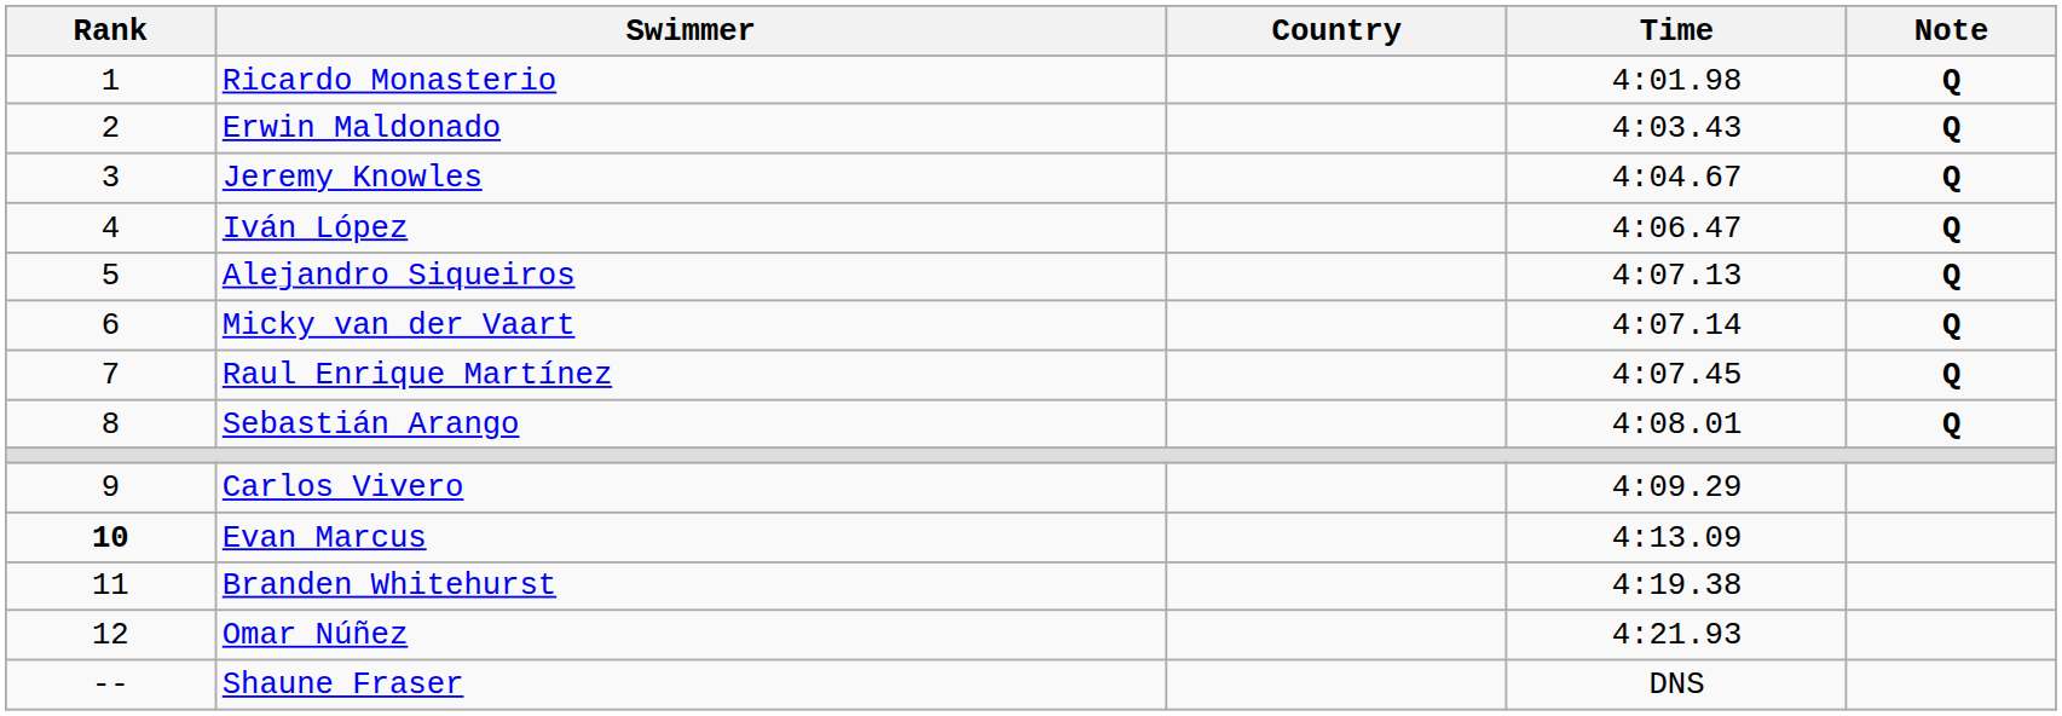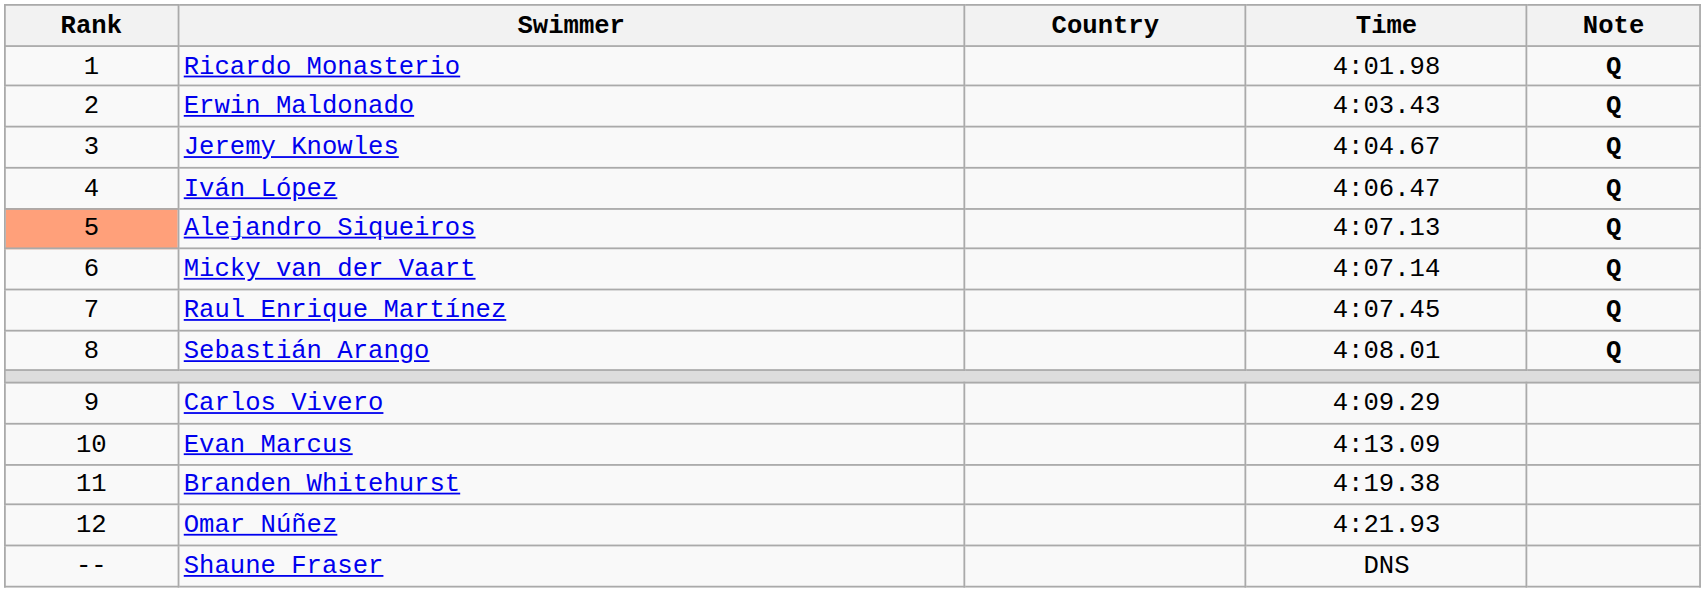 <table class="wikitable" style=" text-align:center; font-size:110%;" width="75%">
 <tr>
 <th>Rank</th>
 <th>Swimmer</th>
 <th>Country</th>
 <th>Time</th>
 <th>Note</th>
 </tr>
 <tr>
 <td>1</td>
 <td align=left><a href='#'>Ricardo Monasterio</a></td>
 <td align=left></td>
 <td>4:01.98</td>
 <td><strong>Q</strong></td>
 </tr>
 <tr>
 <td>2</td>
 <td align=left><a href='#'>Erwin Maldonado</a></td>
 <td align=left></td>
 <td>4:03.43</td>
 <td><strong>Q</strong></td>
 </tr>
 <tr>
 <td>3</td>
 <td align=left><a href='#'>Jeremy Knowles</a></td>
 <td align=left></td>
 <td>4:04.67</td>
 <td><strong>Q</strong></td>
 </tr>
 <tr>
 <td>4</td>
 <td align=left><a href='#'>Iván López</a></td>
 <td align=left></td>
 <td>4:06.47</td>
 <td><strong>Q</strong></td>
 </tr>
 <tr>
-<td>5</td>
+<td style="background: lightsalmon;">5</td>
 <td align=left><a href='#'>Alejandro Siqueiros</a></td>
 <td align=left></td>
 <td>4:07.13</td>
 <td><strong>Q</strong></td>
 </tr>
 <tr>
 <td>6</td>
 <td align=left><a href='#'>Micky van der Vaart</a></td>
 <td align=left></td>
 <td>4:07.14</td>
 <td><strong>Q</strong></td>
 </tr>
 <tr>
 <td>7</td>
 <td align=left><a href='#'>Raul Enrique Martínez</a></td>
 <td align=left></td>
 <td>4:07.45</td>
 <td><strong>Q</strong></td>
 </tr>
 <tr>
 <td>8</td>
 <td align=left><a href='#'>Sebastián Arango</a></td>
 <td align=left></td>
 <td>4:08.01</td>
 <td><strong>Q</strong></td>
 </tr>
 <tr bgcolor=#DDDDDD>
 <td colspan=5></td>
 </tr>
 <tr>
 <td>9</td>
 <td align=left><a href='#'>Carlos Vivero</a></td>
 <td align=left></td>
 <td>4:09.29</td>
 <td></td>
 </tr>
 <tr>
-<td><strong>10</strong></td>
+<td>10</td>
 <td align=left><a href='#'>Evan Marcus</a></td>
 <td align=left></td>
 <td>4:13.09</td>
 <td></td>
 </tr>
 <tr>
 <td>11</td>
 <td align=left><a href='#'>Branden Whitehurst</a></td>
 <td align=left></td>
 <td>4:19.38</td>
 <td></td>
 </tr>
 <tr>
 <td>12</td>
 <td align=left><a href='#'>Omar Núñez</a></td>
 <td align=left></td>
 <td>4:21.93</td>
 <td></td>
 </tr>
 <tr>
 <td>--</td>
 <td align=left><a href='#'>Shaune Fraser</a></td>
 <td align=left></td>
 <td>DNS</td>
 <td></td>
 </tr>
 </table>
